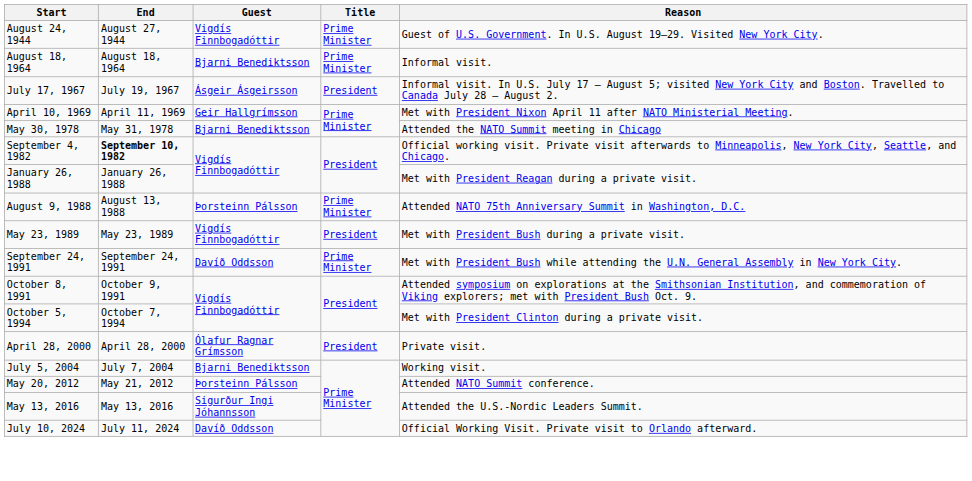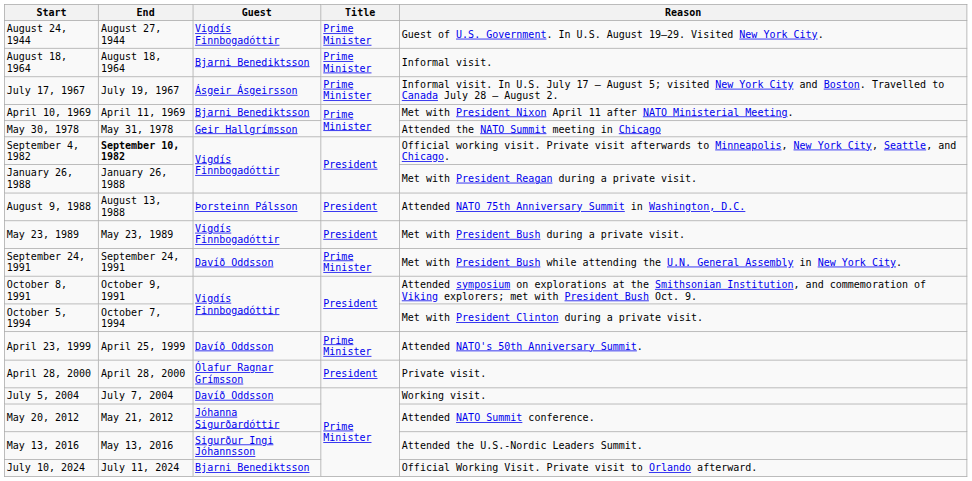 <table class="wikitable sortable">
 <tr>
 <th>Start</th>
 <th>End</th>
 <th>Guest</th>
 <th>Title</th>
 <th>Reason</th>
 </tr>
 <tr>
 <td>August 24, 1944</td>
 <td>August 27, 1944</td>
 <td><a href='#'>Vigdís Finnbogadóttir</a></td>
 <td><a href='#'>Prime Minister</a></td>
 <td>Guest of <a href='#'>U.S. Government</a>. In U.S. August 19–29. Visited <a href='#'>New York City</a>.</td>
 </tr>
 <tr>
 <td>August 18, 1964</td>
 <td>August 18, 1964</td>
 <td><a href='#'>Bjarni Benediktsson</a></td>
 <td><a href='#'>Prime Minister</a></td>
 <td>Informal visit.</td>
 </tr>
 <tr>
 <td>July 17, 1967</td>
 <td>July 19, 1967</td>
 <td><a href='#'>Ásgeir Ásgeirsson</a></td>
-<td><a href='#'>President</a></td>
+<td><a href='#'>Prime Minister</a></td>
 <td>Informal visit. In U.S. July 17 – August 5; visited <a href='#'>New York City</a> and <a href='#'>Boston</a>. Travelled to <a href='#'>Canada</a> July 28 – August 2.</td>
 </tr>
 <tr>
 <td>April 10, 1969</td>
 <td>April 11, 1969</td>
-<td><a href='#'>Geir Hallgrímsson</a></td>
+<td><a href='#'>Bjarni Benediktsson</a></td>
 <td rowspan="2"><a href='#'>Prime Minister</a></td>
 <td>Met with <a href='#'>President Nixon</a> April 11 after <a href='#'>NATO Ministerial Meeting</a>.</td>
 </tr>
 <tr>
 <td>May 30, 1978</td>
 <td>May 31, 1978</td>
-<td><a href='#'>Bjarni Benediktsson</a></td>
+<td><a href='#'>Geir Hallgrímsson</a></td>
 <td>Attended the <a href='#'>NATO Summit</a> meeting in <a href='#'>Chicago</a></td>
 </tr>
 <tr>
 <td>September 4, 1982</td>
 <td><strong>September 10, 1982</strong></td>
 <td rowspan=2><a href='#'>Vigdís Finnbogadóttir</a></td>
 <td rowspan="2"><a href='#'>President</a></td>
 <td>Official working visit. Private visit afterwards to <a href='#'>Minneapolis</a>, <a href='#'>New York City</a>, <a href='#'>Seattle</a>, and <a href='#'>Chicago</a>.</td>
 </tr>
 <tr>
 <td>January 26, 1988</td>
 <td>January 26, 1988</td>
 <td>Met with <a href='#'>President Reagan</a> during a private visit.</td>
 </tr>
 <tr>
 <td>August 9, 1988</td>
 <td>August 13, 1988</td>
 <td><a href='#'>Þorsteinn Pálsson</a></td>
-<td><a href='#'>Prime Minister</a></td>
+<td><a href='#'>President</a></td>
 <td>Attended <a href='#'>NATO 75th Anniversary Summit</a> in <a href='#'>Washington, D.C.</a></td>
 </tr>
 <tr>
 <td>May 23, 1989</td>
 <td>May 23, 1989</td>
 <td><a href='#'>Vigdís Finnbogadóttir</a></td>
 <td><a href='#'>President</a></td>
 <td>Met with <a href='#'>President Bush</a> during a private visit.</td>
 </tr>
 <tr>
 <td>September 24, 1991</td>
 <td>September 24, 1991</td>
 <td><a href='#'>Davíð Oddsson</a></td>
 <td><a href='#'>Prime Minister</a></td>
 <td>Met with <a href='#'>President Bush</a> while attending the <a href='#'>U.N. General Assembly</a> in <a href='#'>New York City</a>.</td>
 </tr>
 <tr>
 <td>October 8, 1991</td>
 <td>October 9, 1991</td>
 <td rowspan=2><a href='#'>Vigdís Finnbogadóttir</a></td>
 <td rowspan="2"><a href='#'>President</a></td>
 <td>Attended <a href='#'>symposium</a> on explorations at the <a href='#'>Smithsonian Institution</a>, and commemoration of <a href='#'>Viking</a> explorers; met with <a href='#'>President Bush</a> Oct. 9.</td>
 </tr>
 <tr>
 <td>October 5, 1994</td>
 <td>October 7, 1994</td>
 <td>Met with <a href='#'>President Clinton</a> during a private visit.</td>
 </tr>
 <tr>
+<td>April 23, 1999</td>
+<td>April 25, 1999</td>
+<td><a href='#'>Davíð Oddsson</a></td>
+<td><a href='#'>Prime Minister</a></td>
+<td>Attended <a href='#'>NATO's 50th Anniversary Summit</a>.</td>
+</tr>
+<tr>
 <td>April 28, 2000</td>
 <td>April 28, 2000</td>
 <td><a href='#'>Ólafur Ragnar Grímsson</a></td>
 <td><a href='#'>President</a></td>
 <td>Private visit.</td>
 </tr>
 <tr>
 <td>July 5, 2004</td>
 <td>July 7, 2004</td>
-<td><a href='#'>Bjarni Benediktsson</a></td>
+<td><a href='#'>Davíð Oddsson</a></td>
 <td rowspan="4"><a href='#'>Prime Minister</a></td>
 <td>Working visit.</td>
 </tr>
 <tr>
 <td>May 20, 2012</td>
 <td>May 21, 2012</td>
-<td><a href='#'>Þorsteinn Pálsson</a></td>
+<td><a href='#'>Jóhanna Sigurðardóttir</a></td>
 <td>Attended <a href='#'>NATO Summit</a> conference.</td>
 </tr>
 <tr>
 <td>May 13, 2016</td>
 <td>May 13, 2016</td>
 <td><a href='#'>Sigurður Ingi Jóhannsson</a></td>
 <td>Attended the U.S.-Nordic Leaders Summit.</td>
 </tr>
 <tr>
 <td>July 10, 2024</td>
 <td>July 11, 2024</td>
-<td><a href='#'>Davíð Oddsson</a></td>
+<td><a href='#'>Bjarni Benediktsson</a></td>
 <td>Official Working Visit. Private visit to <a href='#'>Orlando</a> afterward.</td>
 </tr>
 </table>
